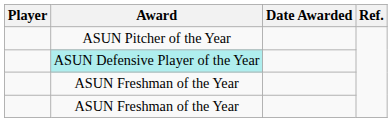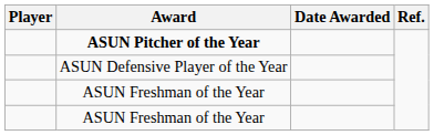 <table class="wikitable sortable sortable" style="text-align: center">
 <tr align=center>
 <th>Player</th>
 <th>Award</th>
 <th>Date Awarded</th>
 <th>Ref.</th>
 </tr>
 <tr>
 <td></td>
-<td>ASUN Pitcher of the Year</td>
+<td><strong>ASUN Pitcher of the Year</strong></td>
 <td></td>
 <td rowspan="4" class="unsortable"></td>
 </tr>
 <tr>
 <td></td>
-<td style="background: paleturquoise;">ASUN Defensive Player of the Year</td>
+<td>ASUN Defensive Player of the Year</td>
 <td></td>
 </tr>
 <tr>
 <td></td>
 <td>ASUN Freshman of the Year</td>
 <td></td>
 </tr>
 <tr>
 <td></td>
 <td>ASUN Freshman of the Year</td>
 <td></td>
 </tr>
 </table>
